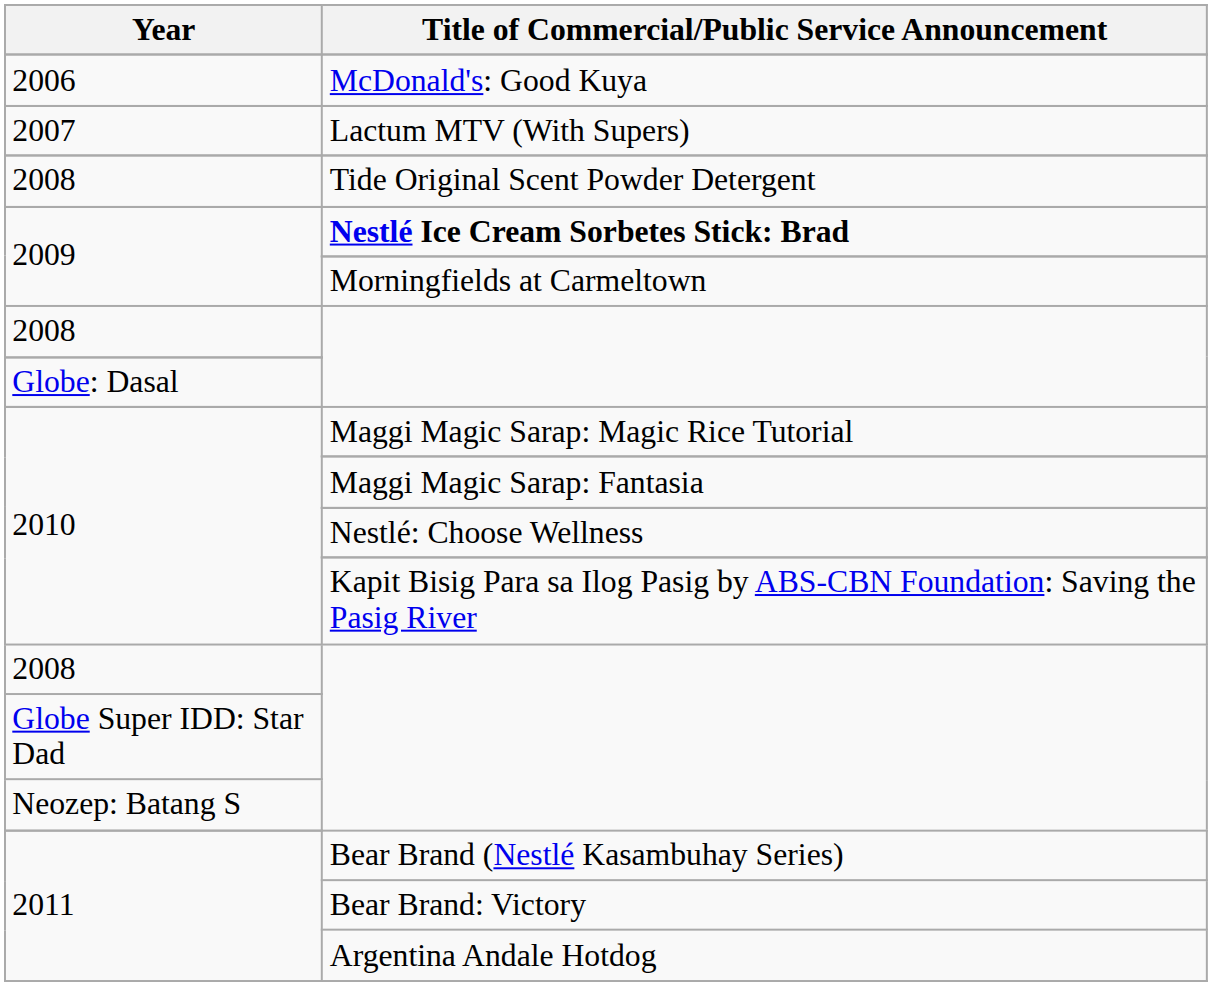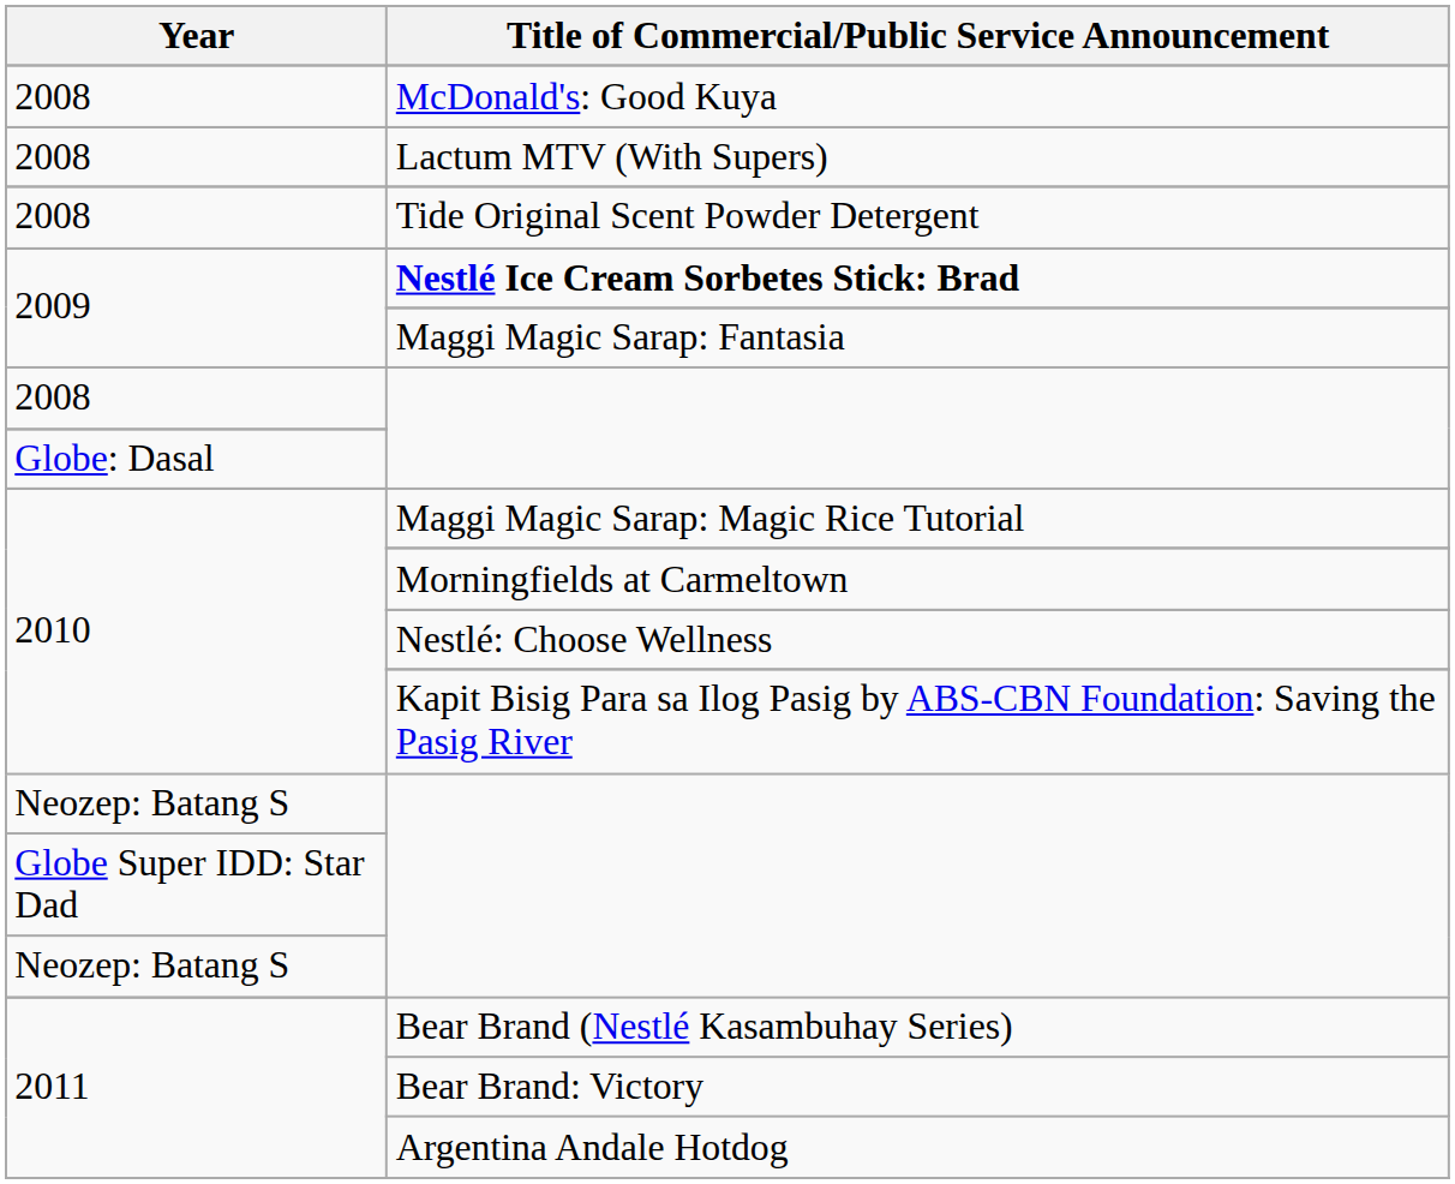 <table class="wikitable">
 <tr>
 <th>Year</th>
 <th>Title of Commercial/Public Service Announcement</th>
 </tr>
 <tr>
 </tr>
 <tr>
-<td rowspan="1">2006</td>
+<td rowspan="1">2008</td>
 <td><a href='#'>McDonald's</a>: Good Kuya</td>
 </tr>
 <tr>
 </tr>
 <tr>
-<td rowspan="1">2007</td>
+<td rowspan="1">2008</td>
 <td>Lactum MTV (With Supers)</td>
 </tr>
 <tr>
 </tr>
 <tr>
 <td rowspan="1">2008</td>
 <td>Tide Original Scent Powder Detergent</td>
 </tr>
 <tr>
 </tr>
 <tr>
 <td rowspan="4">2009</td>
 <td><strong><a href='#'>Nestlé</a> Ice Cream Sorbetes Stick: Brad</strong></td>
 </tr>
 <tr>
 </tr>
 <tr>
-<td>Morningfields at Carmeltown</td>
+<td>Maggi Magic Sarap: Fantasia</td>
 </tr>
 <tr>
 </tr>
 <tr>
 <td rowspan="1">2008</td>
 </tr>
 <tr>
 </tr>
 <tr>
 <td><a href='#'>Globe</a>: Dasal</td>
 </tr>
 <tr>
 </tr>
 <tr>
 <td rowspan="7">2010</td>
 <td>Maggi Magic Sarap: Magic Rice Tutorial</td>
 </tr>
 <tr>
 </tr>
 <tr>
-<td>Maggi Magic Sarap: Fantasia</td>
+<td>Morningfields at Carmeltown</td>
 </tr>
 <tr>
 </tr>
 <tr>
 <td>Nestlé: Choose Wellness</td>
 </tr>
 <tr>
 </tr>
 <tr>
 <td>Kapit Bisig Para sa Ilog Pasig by <a href='#'>ABS-CBN Foundation</a>: Saving the <a href='#'>Pasig River</a></td>
 </tr>
 <tr>
-<td rowspan="1">2008</td>
+<td>Neozep: Batang S</td>
 </tr>
 <tr>
 <td><a href='#'>Globe</a> Super IDD: Star Dad</td>
 </tr>
 <tr>
 <td>Neozep: Batang S</td>
 </tr>
 <tr>
 </tr>
 <tr>
 <td rowspan="3">2011</td>
 <td>Bear Brand (<a href='#'>Nestlé</a> Kasambuhay Series)</td>
 </tr>
 <tr>
 <td>Bear Brand: Victory</td>
 </tr>
 <tr>
 <td>Argentina Andale Hotdog</td>
 </tr>
 <tr>
 </tr>
 </table>
